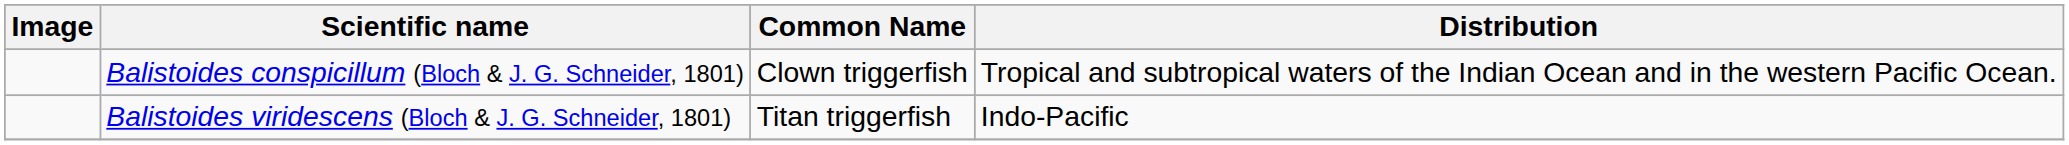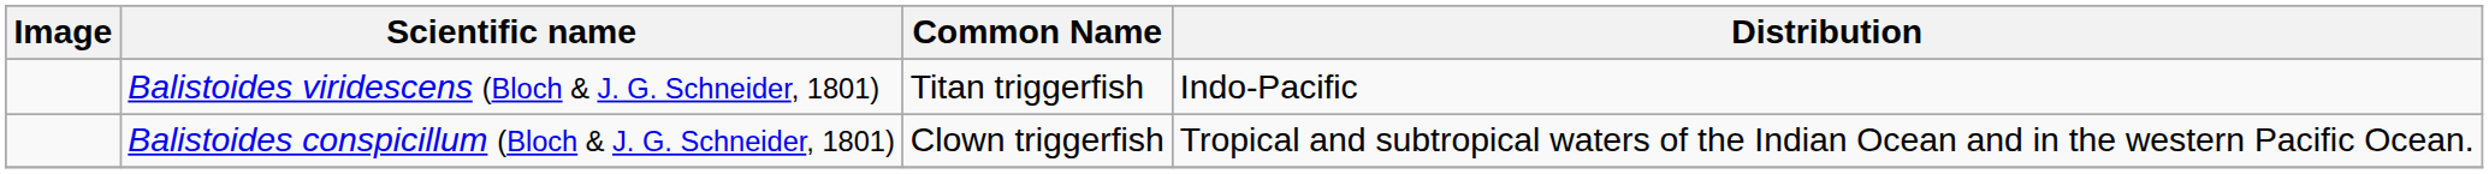 <table class="wikitable">
 <tr>
 <th>Image</th>
 <th>Scientific name</th>
 <th>Common Name</th>
 <th>Distribution</th>
 </tr>
 <tr>
 <td></td>
+<td><em><a href='#'>Balistoides viridescens</a></em> <small>(<a href='#'>Bloch</a> & <a href='#'>J. G. Schneider</a>, 1801)</small></td>
+<td>Titan triggerfish</td>
+<td>Indo-Pacific</td>
+</tr>
+<tr>
+<td></td>
 <td><em><a href='#'>Balistoides conspicillum</a></em> <small>(<a href='#'>Bloch</a> & <a href='#'>J. G. Schneider</a>, 1801)</small></td>
 <td>Clown triggerfish</td>
 <td>Tropical and subtropical waters of the Indian Ocean and in the western Pacific Ocean.</td>
 </tr>
 <tr>
-<td></td>
-<td><em><a href='#'>Balistoides viridescens</a></em> <small>(<a href='#'>Bloch</a> & <a href='#'>J. G. Schneider</a>, 1801)</small></td>
-<td>Titan triggerfish</td>
-<td>Indo-Pacific</td>
-</tr>
-<tr>
 </tr>
 </table>
